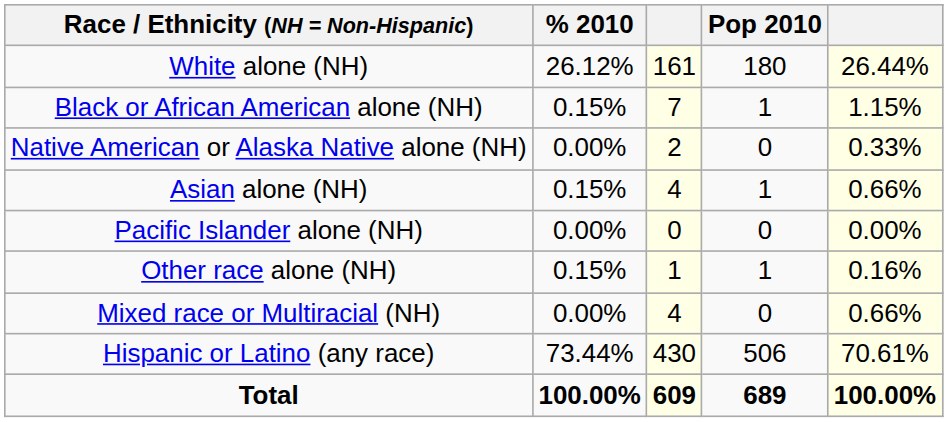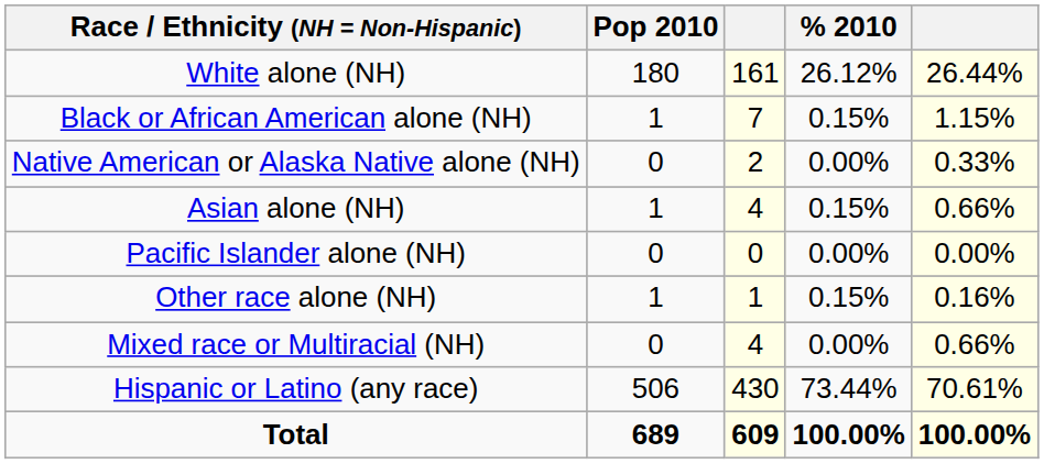 <table class="wikitable" style="text-align:center;">
 <tr>
 <th>Race / Ethnicity <small>(<em>NH = Non-Hispanic</em>)</small></th>
+<th>Pop 2010</th>
+<th></th>
 <th>% 2010</th>
-<th></th>
-<th>Pop 2010</th>
 <th></th>
 </tr>
 <tr>
 <td><a href='#'>White</a> alone (NH)</td>
+<td>180</td>
+<td style='background: #ffffe6;'>161</td>
 <td>26.12%</td>
-<td style='background: #ffffe6;'>161</td>
-<td>180</td>
 <td style='background: #ffffe6;'>26.44%</td>
 </tr>
 <tr>
 <td><a href='#'>Black or African American</a> alone (NH)</td>
+<td>1</td>
+<td style='background: #ffffe6;'>7</td>
 <td>0.15%</td>
-<td style='background: #ffffe6;'>7</td>
-<td>1</td>
 <td style='background: #ffffe6;'>1.15%</td>
 </tr>
 <tr>
 <td><a href='#'>Native American</a> or <a href='#'>Alaska Native</a> alone (NH)</td>
+<td>0</td>
+<td style='background: #ffffe6;'>2</td>
 <td>0.00%</td>
-<td style='background: #ffffe6;'>2</td>
-<td>0</td>
 <td style='background: #ffffe6;'>0.33%</td>
 </tr>
 <tr>
 <td><a href='#'>Asian</a> alone (NH)</td>
+<td>1</td>
+<td style='background: #ffffe6;'>4</td>
 <td>0.15%</td>
-<td style='background: #ffffe6;'>4</td>
-<td>1</td>
 <td style='background: #ffffe6;'>0.66%</td>
 </tr>
 <tr>
 <td><a href='#'>Pacific Islander</a> alone (NH)</td>
+<td>0</td>
+<td style='background: #ffffe6;'>0</td>
 <td>0.00%</td>
-<td style='background: #ffffe6;'>0</td>
-<td>0</td>
 <td style='background: #ffffe6;'>0.00%</td>
 </tr>
 <tr>
 <td><a href='#'>Other race</a> alone (NH)</td>
+<td>1</td>
+<td style='background: #ffffe6;'>1</td>
 <td>0.15%</td>
-<td style='background: #ffffe6;'>1</td>
-<td>1</td>
 <td style='background: #ffffe6;'>0.16%</td>
 </tr>
 <tr>
 <td><a href='#'>Mixed race or Multiracial</a> (NH)</td>
+<td>0</td>
+<td style='background: #ffffe6;'>4</td>
 <td>0.00%</td>
-<td style='background: #ffffe6;'>4</td>
-<td>0</td>
 <td style='background: #ffffe6;'>0.66%</td>
 </tr>
 <tr>
 <td><a href='#'>Hispanic or Latino</a> (any race)</td>
+<td>506</td>
+<td style='background: #ffffe6;'>430</td>
 <td>73.44%</td>
-<td style='background: #ffffe6;'>430</td>
-<td>506</td>
 <td style='background: #ffffe6;'>70.61%</td>
 </tr>
 <tr>
 <td><strong>Total</strong></td>
+<td><strong>689</strong></td>
+<td style='background: #ffffe6;'><strong>609</strong></td>
 <td><strong>100.00%</strong></td>
-<td style='background: #ffffe6;'><strong>609</strong></td>
-<td><strong>689</strong></td>
 <td style='background: #ffffe6;'><strong>100.00%</strong></td>
 </tr>
 </table>
